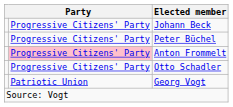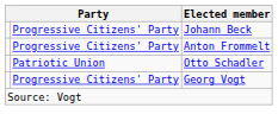 <table class="wikitable">
 <tr>
 <th colspan="2">Party</th>
 <th>Elected member</th>
 </tr>
 <tr>
 <td></td>
 <td style="text-align: left;"><a href='#'>Progressive Citizens' Party</a></td>
 <td align="left"><a href='#'>Johann Beck</a></td>
 </tr>
 <tr>
 <td></td>
 <td style="text-align: left;"><a href='#'>Progressive Citizens' Party</a></td>
-<td align="left"><a href='#'>Peter Büchel</a></td>
-</tr>
-<tr>
-<td></td>
-<td style="background: pink; text-align: left;"><a href='#'>Progressive Citizens' Party</a></td>
 <td align="left"><a href='#'>Anton Frommelt</a></td>
 </tr>
 <tr>
 <td bgcolor=></td>
-<td style="text-align: left;"><a href='#'>Progressive Citizens' Party</a></td>
+<td style="text-align: left;"><a href='#'>Patriotic Union</a></td>
 <td align="left"><a href='#'>Otto Schadler</a></td>
 </tr>
 <tr>
 <td></td>
-<td style="text-align: left;"><a href='#'>Patriotic Union</a></td>
+<td style="text-align: left;"><a href='#'>Progressive Citizens' Party</a></td>
 <td align="left"><a href='#'>Georg Vogt</a></td>
 </tr>
 <tr>
 <td colspan="3">Source: Vogt</td>
 </tr>
 </table>
